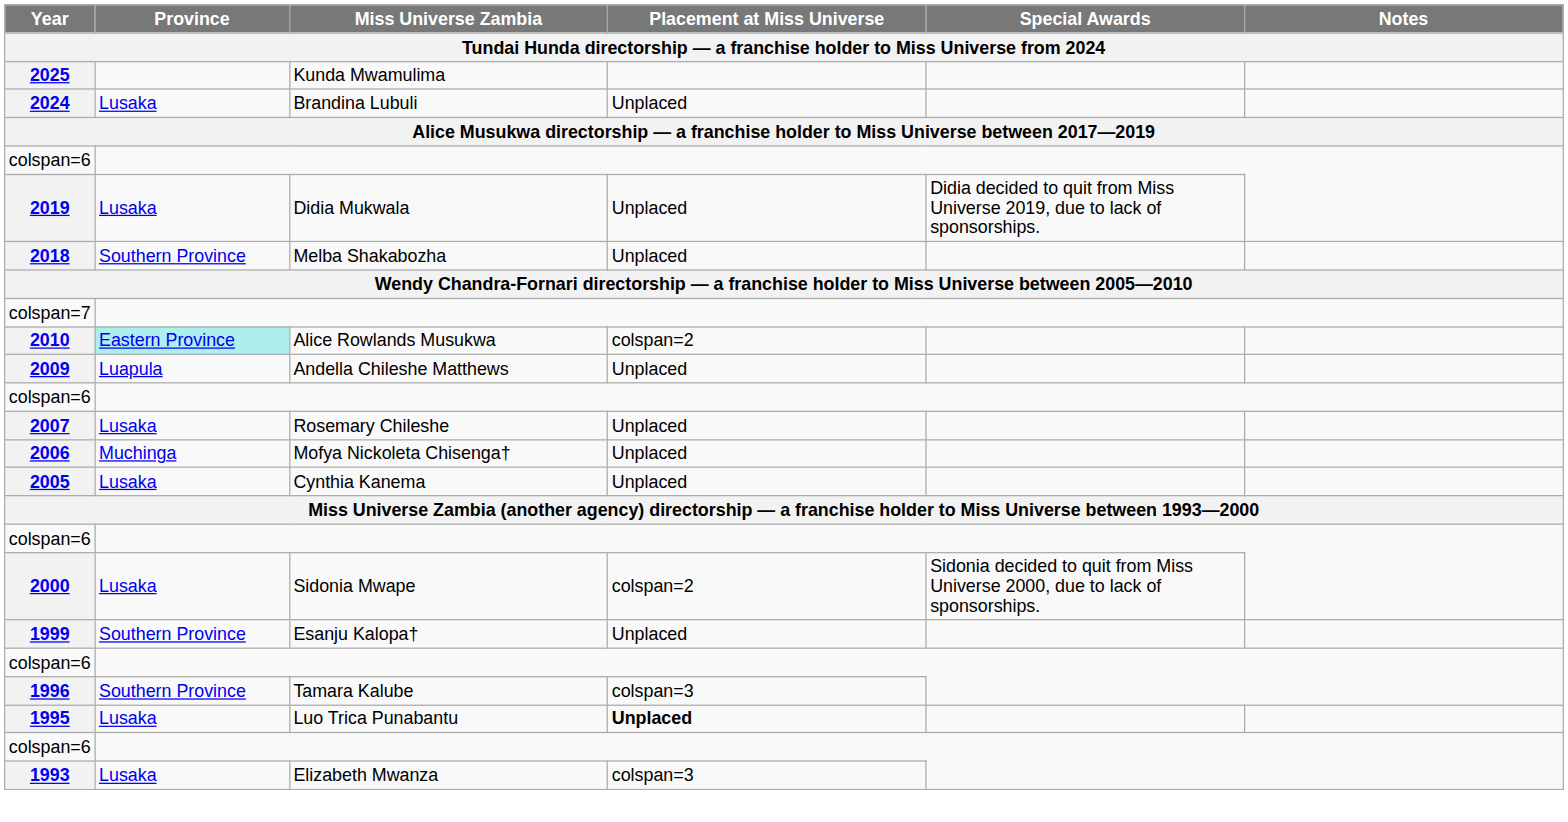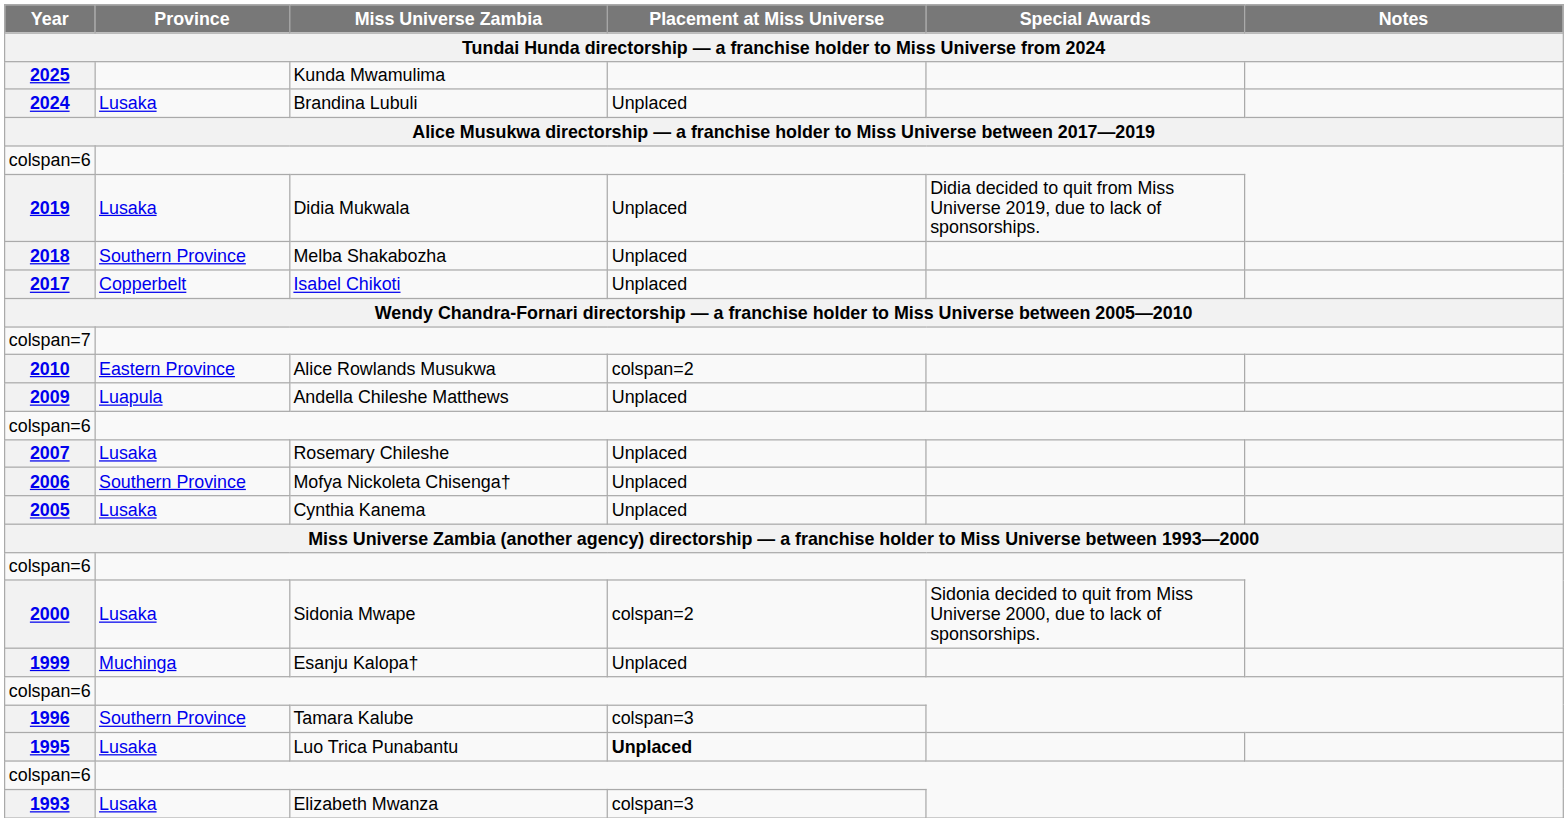 <table class="wikitable " style="font-size: 90%;">
 <tr>
 <th width="60" style="background-color:#787878;color:#FFFFFF;">Year</th>
 <th width="150" style="background-color:#787878;color:#FFFFFF;">Province</th>
 <th width="250" style="background-color:#787878;color:#FFFFFF;">Miss Universe Zambia</th>
 <th width="250" style="background-color:#787878;color:#FFFFFF;">Placement at Miss Universe</th>
 <th width="250" style="background-color:#787878;color:#FFFFFF;">Special Awards</th>
 <th width="250" style="background-color:#787878;color:#FFFFFF;">Notes</th>
 </tr>
 <tr>
 <th colspan="6">Tundai Hunda directorship — a franchise holder to Miss Universe from 2024</th>
 </tr>
 <tr>
 <th><a href='#'>2025</a></th>
 <td></td>
 <td>Kunda Mwamulima</td>
 <td></td>
 <td></td>
 </tr>
 <tr>
 <th><a href='#'>2024</a></th>
 <td><a href='#'>Lusaka</a></td>
 <td>Brandina Lubuli</td>
 <td>Unplaced</td>
 <td></td>
 <td></td>
 </tr>
 <tr>
 <th colspan="6">Alice Musukwa directorship — a franchise holder to Miss Universe between 2017―2019</th>
 </tr>
 <tr>
 <td>colspan=6 </td>
 </tr>
 <tr>
 <th><a href='#'>2019</a></th>
 <td><a href='#'>Lusaka</a></td>
 <td>Didia Mukwala</td>
 <td>Unplaced</td>
 <td>Didia decided to quit from Miss Universe 2019, due to lack of sponsorships.</td>
 </tr>
 <tr>
 <th><a href='#'>2018</a></th>
 <td><a href='#'>Southern Province</a></td>
 <td>Melba Shakabozha</td>
 <td>Unplaced</td>
 <td></td>
 <td></td>
 </tr>
 <tr>
+<th><a href='#'>2017</a></th>
+<td><a href='#'>Copperbelt</a></td>
+<td><a href='#'>Isabel Chikoti</a></td>
+<td>Unplaced</td>
+<td></td>
+<td></td>
+</tr>
+<tr>
 <th colspan="6">Wendy Chandra-Fornari directorship — a franchise holder to Miss Universe between 2005―2010</th>
 </tr>
 <tr>
 <td>colspan=7 </td>
 </tr>
 <tr>
 <th><a href='#'>2010</a></th>
-<td style="background: paleturquoise;"><a href='#'>Eastern Province</a></td>
+<td><a href='#'>Eastern Province</a></td>
 <td>Alice Rowlands Musukwa</td>
 <td>colspan=2 </td>
 <td></td>
 <td></td>
 </tr>
 <tr>
 <th><a href='#'>2009</a></th>
 <td><a href='#'>Luapula</a></td>
 <td>Andella Chileshe Matthews</td>
 <td>Unplaced</td>
 <td></td>
 <td></td>
 </tr>
 <tr>
 <td>colspan=6 </td>
 </tr>
 <tr>
 <th><a href='#'>2007</a></th>
 <td><a href='#'>Lusaka</a></td>
 <td>Rosemary Chileshe</td>
 <td>Unplaced</td>
 <td></td>
 <td></td>
 </tr>
 <tr>
 <th><a href='#'>2006</a></th>
-<td><a href='#'>Muchinga</a></td>
+<td><a href='#'>Southern Province</a></td>
 <td>Mofya Nickoleta Chisenga†</td>
 <td>Unplaced</td>
 <td></td>
 <td></td>
 </tr>
 <tr>
 <th><a href='#'>2005</a></th>
 <td><a href='#'>Lusaka</a></td>
 <td>Cynthia Kanema</td>
 <td>Unplaced</td>
 <td></td>
 <td></td>
 </tr>
 <tr>
 <th colspan="6">Miss Universe Zambia (another agency) directorship — a franchise holder to Miss Universe between 1993―2000</th>
 </tr>
 <tr>
 <td>colspan=6 </td>
 </tr>
 <tr>
 <th><a href='#'>2000</a></th>
 <td><a href='#'>Lusaka</a></td>
 <td>Sidonia Mwape</td>
 <td>colspan=2 </td>
 <td>Sidonia decided to quit from Miss Universe 2000, due to lack of sponsorships.</td>
 </tr>
 <tr>
 <th><a href='#'>1999</a></th>
-<td><a href='#'>Southern Province</a></td>
+<td><a href='#'>Muchinga</a></td>
 <td>Esanju Kalopa†</td>
 <td>Unplaced</td>
 <td></td>
 <td></td>
 </tr>
 <tr>
 <td>colspan=6 </td>
 </tr>
 <tr>
 <th><a href='#'>1996</a></th>
 <td><a href='#'>Southern Province</a></td>
 <td>Tamara Kalube</td>
 <td>colspan=3 </td>
 </tr>
 <tr>
 <th><a href='#'>1995</a></th>
 <td><a href='#'>Lusaka</a></td>
 <td>Luo Trica Punabantu</td>
 <td><strong>Unplaced</strong></td>
 <td></td>
 <td></td>
 </tr>
 <tr>
 <td>colspan=6 </td>
 </tr>
 <tr>
 <th><a href='#'>1993</a></th>
 <td><a href='#'>Lusaka</a></td>
 <td>Elizabeth Mwanza</td>
 <td>colspan=3 </td>
 </tr>
 </table>
